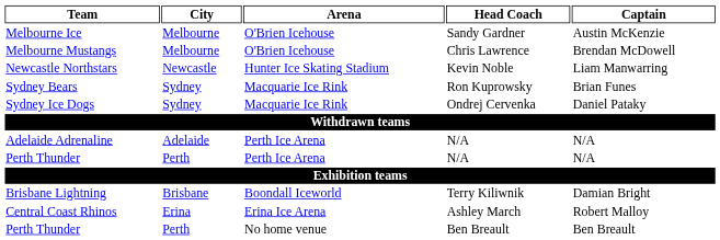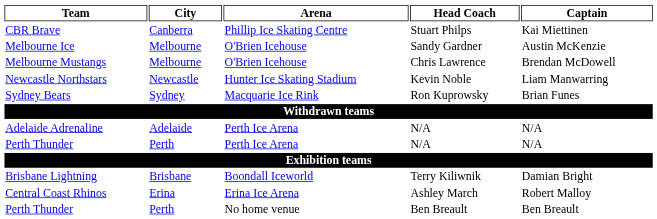 <table class="toccolours" style="width:55em">
 <tr>
 </tr>
 <tr>
 <th style="background:white;color:black;border:black 1px solid">Team</th>
 <th style="background:white;color:black;border:black 1px solid">City</th>
 <th style="background:white;color:black;border:black 1px solid">Arena</th>
 <th style="background:white;color:black;border:black 1px solid">Head Coach</th>
 <th style="background:white;color:black;border:black 1px solid">Captain</th>
+</tr>
+<tr>
+<td><a href='#'>CBR Brave</a></td>
+<td> <a href='#'>Canberra</a></td>
+<td><a href='#'>Phillip Ice Skating Centre</a></td>
+<td> Stuart Philps</td>
+<td> Kai Miettinen</td>
 </tr>
 <tr>
 <td><a href='#'>Melbourne Ice</a></td>
 <td> <a href='#'>Melbourne</a></td>
 <td><a href='#'>O'Brien Icehouse</a></td>
 <td> Sandy Gardner</td>
 <td> Austin McKenzie</td>
 </tr>
 <tr>
 <td><a href='#'>Melbourne Mustangs</a></td>
 <td> <a href='#'>Melbourne</a></td>
 <td><a href='#'>O'Brien Icehouse</a></td>
 <td> Chris Lawrence</td>
 <td> Brendan McDowell</td>
 </tr>
 <tr>
 <td><a href='#'>Newcastle Northstars</a></td>
 <td> <a href='#'>Newcastle</a></td>
 <td><a href='#'>Hunter Ice Skating Stadium</a></td>
 <td> Kevin Noble</td>
 <td> Liam Manwarring</td>
 </tr>
 <tr>
 <td><a href='#'>Sydney Bears</a></td>
 <td> <a href='#'>Sydney</a></td>
 <td><a href='#'>Macquarie Ice Rink</a></td>
 <td> Ron Kuprowsky</td>
 <td> Brian Funes</td>
-</tr>
-<tr>
-<td><a href='#'>Sydney Ice Dogs</a></td>
-<td> <a href='#'>Sydney</a></td>
-<td><a href='#'>Macquarie Ice Rink</a></td>
-<td> Ondrej Cervenka</td>
-<td> Daniel Pataky</td>
 </tr>
 <tr>
 <th style="background:#000000;color:white;align:center"colspan="5">Withdrawn teams</th>
 </tr>
 <tr>
 <td><a href='#'>Adelaide Adrenaline</a></td>
 <td> <a href='#'>Adelaide</a></td>
 <td><a href='#'>Perth Ice Arena</a></td>
 <td>N/A</td>
 <td>N/A</td>
 </tr>
 <tr>
 <td><a href='#'>Perth Thunder</a></td>
 <td> <a href='#'>Perth</a></td>
 <td><a href='#'>Perth Ice Arena</a></td>
 <td>N/A</td>
 <td>N/A</td>
 </tr>
 <tr>
 <th style="background:#000000;color:white;align:center"colspan="5">Exhibition teams</th>
 </tr>
 <tr>
 <td><a href='#'>Brisbane Lightning</a></td>
 <td> <a href='#'>Brisbane</a></td>
 <td><a href='#'>Boondall Iceworld</a></td>
 <td> Terry Kiliwnik</td>
 <td> Damian Bright</td>
 </tr>
 <tr>
 <td><a href='#'>Central Coast Rhinos</a></td>
 <td> <a href='#'>Erina</a></td>
 <td><a href='#'>Erina Ice Arena</a></td>
 <td> Ashley March</td>
 <td> Robert Malloy</td>
 </tr>
 <tr>
 <td><a href='#'>Perth Thunder</a></td>
 <td> <a href='#'>Perth</a></td>
 <td>No home venue</td>
 <td> Ben Breault</td>
 <td> Ben Breault</td>
 </tr>
 </table>
